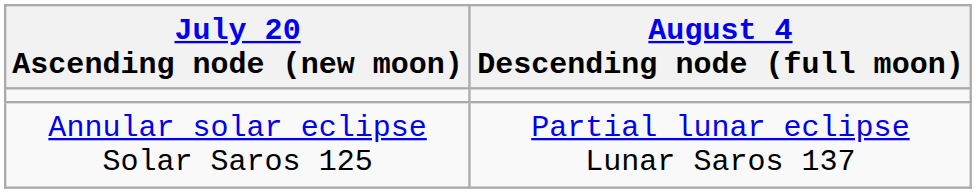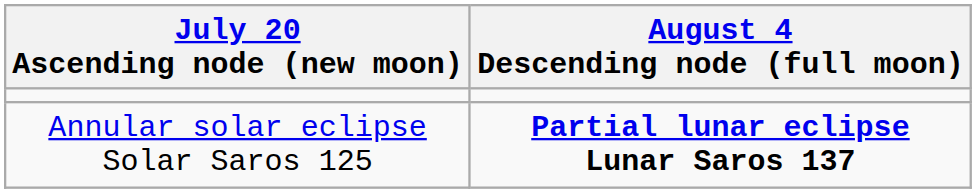 <table class="wikitable">
 <tr>
 <th><a href='#'>July 20</a><br>Ascending node (new moon)</th>
 <th><a href='#'>August 4</a><br>Descending node (full moon)</th>
 </tr>
 <tr>
 <td></td>
 <td></td>
 </tr>
 <tr align=center>
 <td><a href='#'>Annular solar eclipse</a><br>Solar Saros 125</td>
-<td><a href='#'>Partial lunar eclipse</a><br>Lunar Saros 137</td>
+<td><strong><a href='#'>Partial lunar eclipse</a><br>Lunar Saros 137</strong></td>
 </tr>
 </table>
